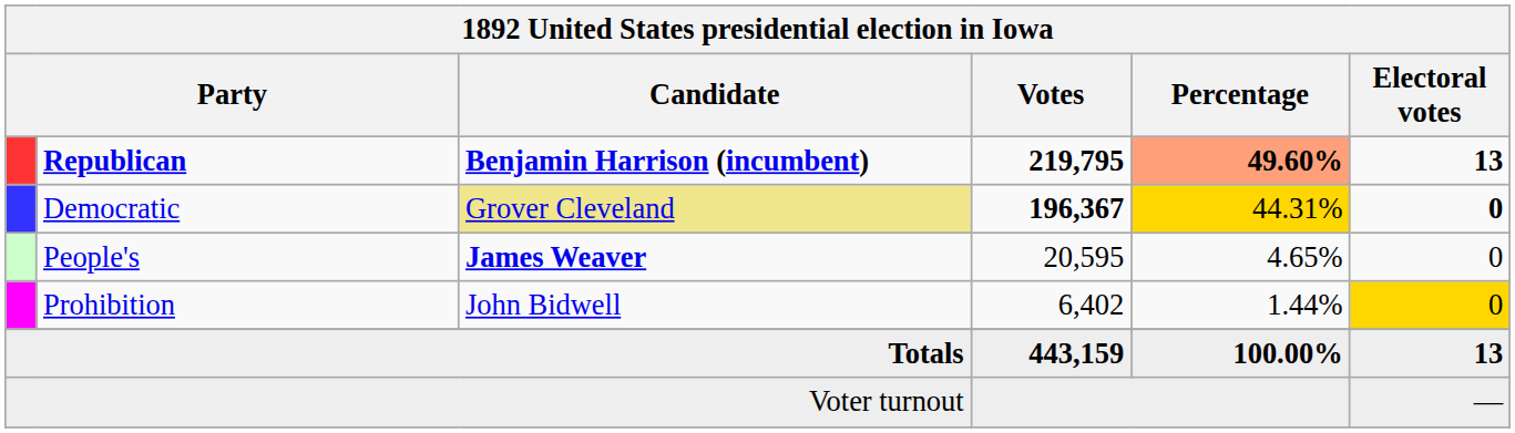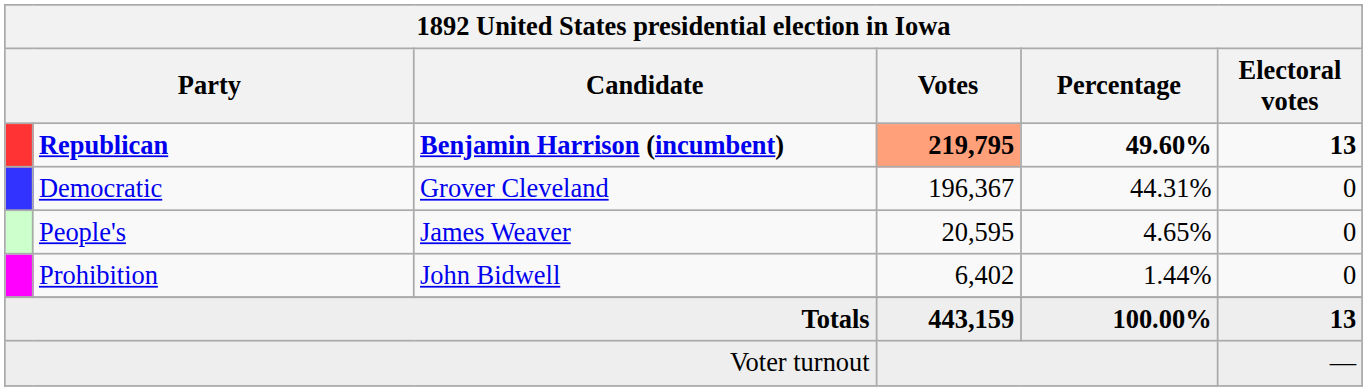 <table class="wikitable" style="font-size: 95%;">
 <tr>
 <th colspan="6">1892 United States presidential election in Iowa</th>
 </tr>
 <tr>
 <th colspan="2" style="width: 15em">Party</th>
 <th style="width: 17em">Candidate</th>
 <th style="width: 5em">Votes</th>
 <th style="width: 7em">Percentage</th>
 <th style="width: 5em">Electoral votes</th>
 </tr>
 <tr>
 <th style="background-color:#FF3333; width: 3px"></th>
 <td style="width: 130px"><strong><a href='#'>Republican</a></strong></td>
 <td><strong><a href='#'>Benjamin Harrison</a></strong> <strong>(<a href='#'>incumbent</a>)</strong></td>
-<td align="right"><strong>219,795</strong></td>
-<td align="right" style="background: lightsalmon;"><strong>49.60%</strong></td>
+<td align="right" style="background: lightsalmon;"><strong>219,795</strong></td>
+<td align="right"><strong>49.60%</strong></td>
 <td align="right"><strong>13</strong></td>
 </tr>
 <tr>
 <th style="background-color:#3333FF; width: 3px"></th>
 <td style="width: 130px"><a href='#'>Democratic</a></td>
-<td style="background: khaki;"><a href='#'>Grover Cleveland</a></td>
-<td align="right"><strong>196,367</strong></td>
-<td align="right" style="background: gold;">44.31%</td>
-<td align="right"><strong>0</strong></td>
+<td><a href='#'>Grover Cleveland</a></td>
+<td align="right">196,367</td>
+<td align="right">44.31%</td>
+<td align="right">0</td>
 </tr>
 <tr>
 <th style="background-color:#CCFFCC; width: 3px"></th>
 <td style="width: 130px"><a href='#'>People's</a></td>
-<td><strong><a href='#'>James Weaver</a></strong></td>
+<td><a href='#'>James Weaver</a></td>
 <td align="right">20,595</td>
 <td align="right">4.65%</td>
 <td align="right">0</td>
 </tr>
 <tr>
 <th style="background-color:#FF00FF; width: 3px"></th>
 <td style="width: 130px"><a href='#'>Prohibition</a></td>
 <td><a href='#'>John Bidwell</a></td>
 <td align="right">6,402</td>
 <td align="right">1.44%</td>
-<td align="right" style="background: gold;">0</td>
+<td align="right">0</td>
 </tr>
 <tr>
 </tr>
 <tr bgcolor="#EEEEEE">
 <td colspan="3" align="right"><strong>Totals</strong></td>
 <td align="right"><strong>443,159</strong></td>
 <td align="right"><strong>100.00%</strong></td>
 <td align="right"><strong>13</strong></td>
 </tr>
 <tr bgcolor="#EEEEEE">
 <td colspan="3" align="right">Voter turnout</td>
 <td colspan="2" align="right"></td>
 <td align="right">—</td>
 </tr>
 </table>
